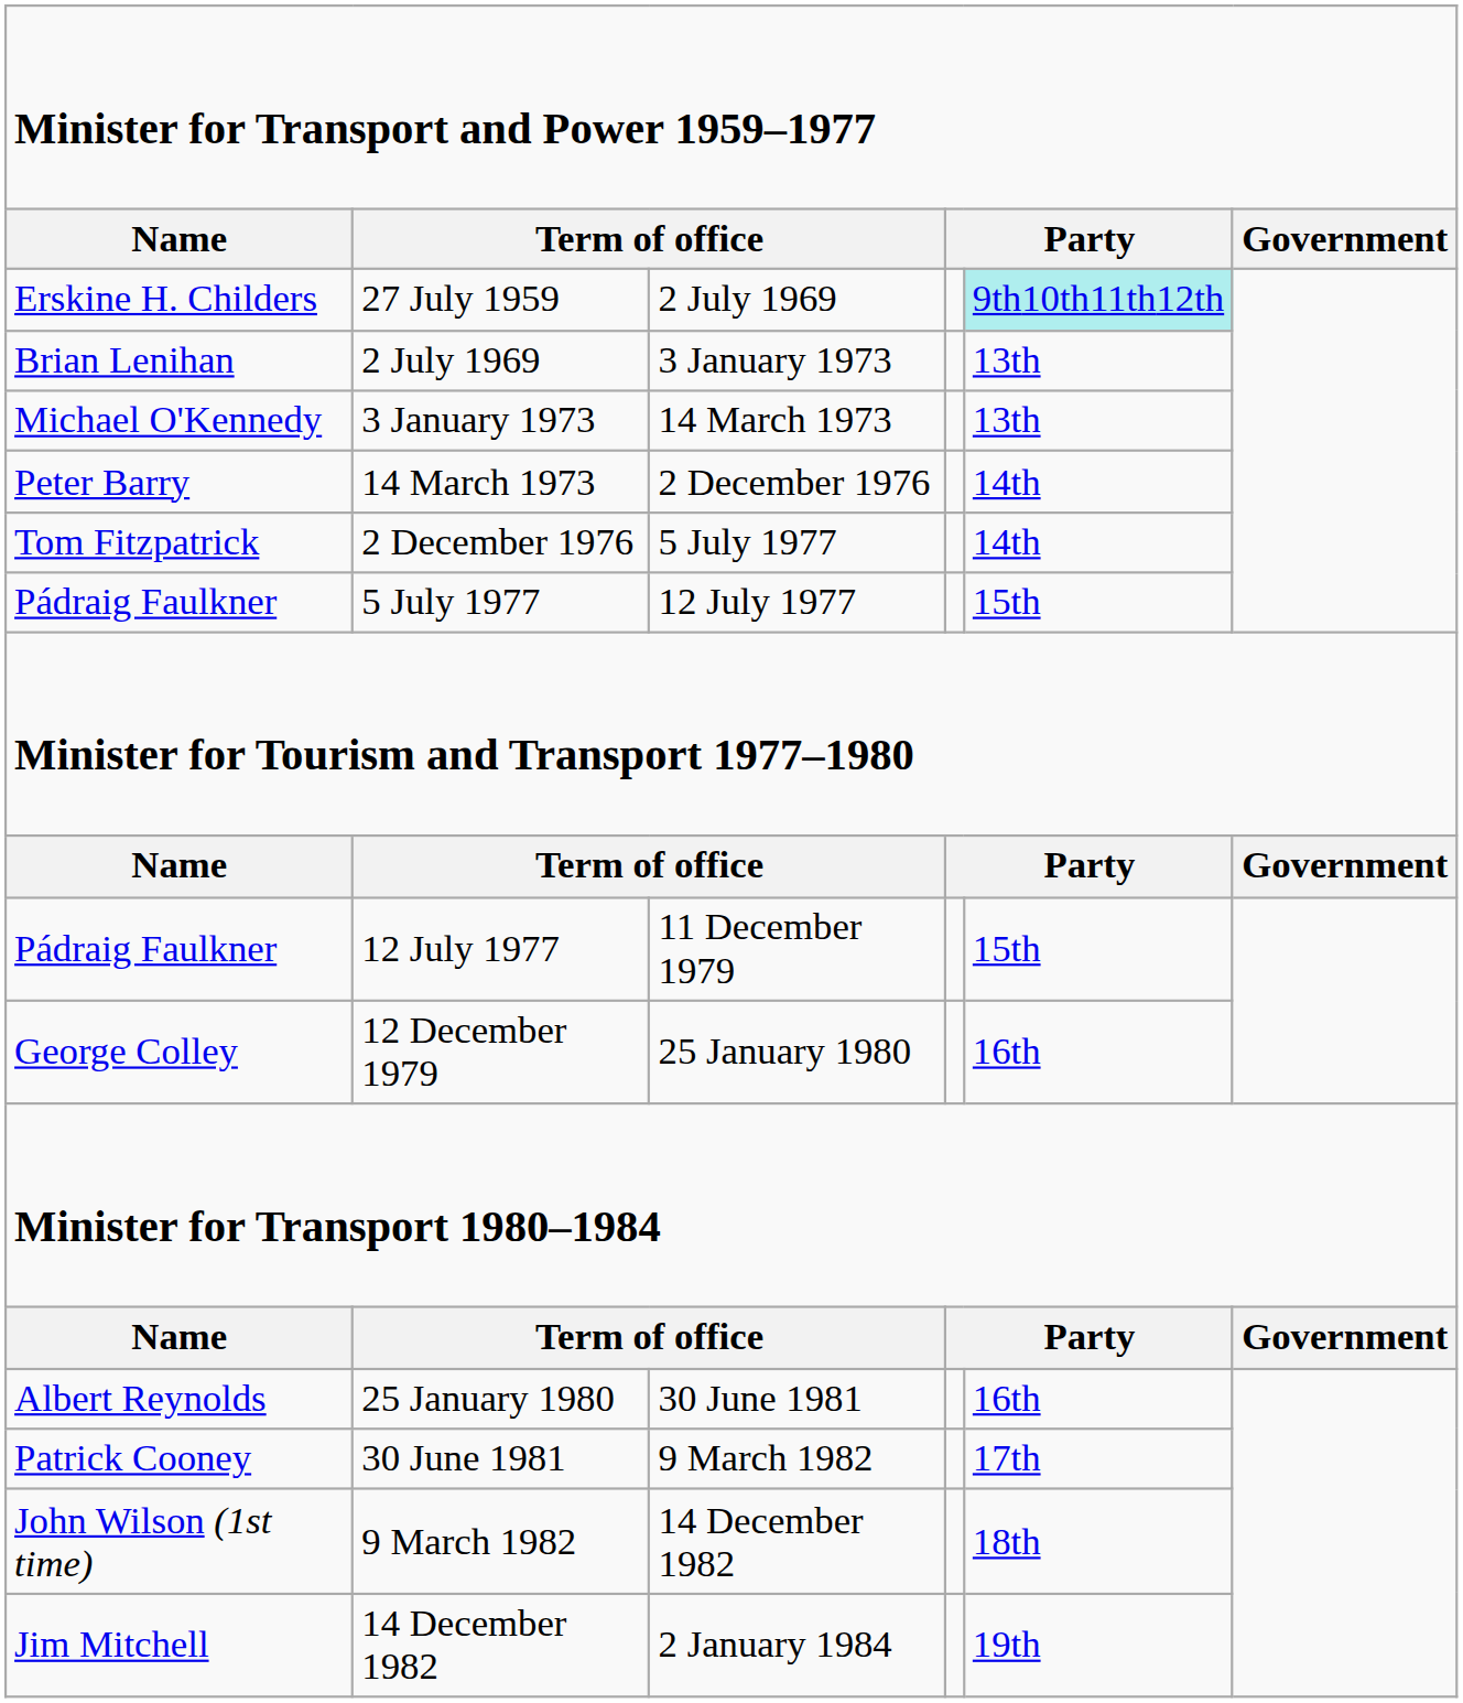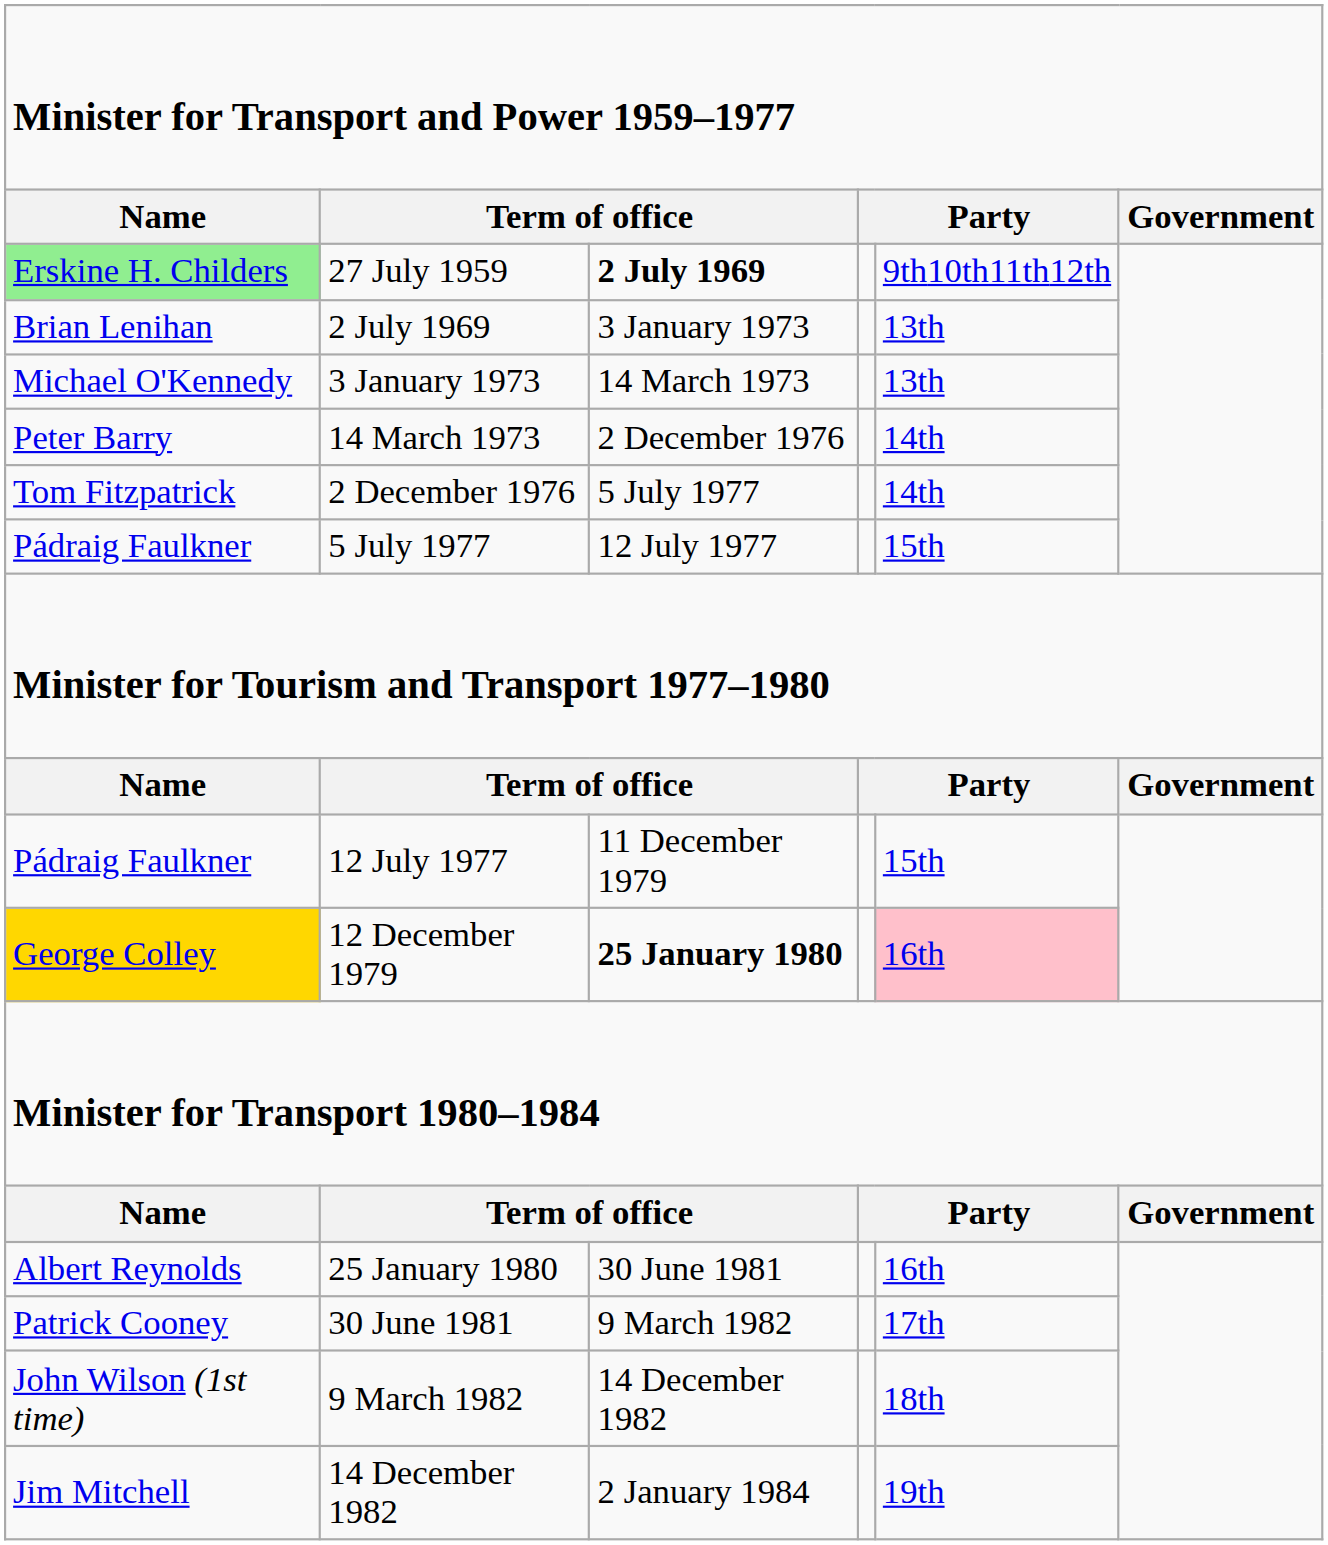 <table class="wikitable">
 <tr>
 <td colspan="7"><br><h3>Minister for Transport and Power 1959–1977</h3></td>
 </tr>
 <tr>
 <th>Name</th>
 <th colspan="2">Term of office</th>
 <th colspan="2">Party</th>
 <th>Government</th>
 </tr>
 <tr>
-<td><a href='#'>Erskine H. Childers</a></td>
+<td style="background: lightgreen;"><a href='#'>Erskine H. Childers</a></td>
 <td>27 July 1959</td>
-<td>2 July 1969</td>
+<td><strong>2 July 1969</strong></td>
 <td></td>
-<td style="background: paleturquoise;"><a href='#'>9th</a><a href='#'>10th</a><a href='#'>11th</a><a href='#'>12th</a></td>
+<td><a href='#'>9th</a><a href='#'>10th</a><a href='#'>11th</a><a href='#'>12th</a></td>
 </tr>
 <tr>
 <td><a href='#'>Brian Lenihan</a></td>
 <td>2 July 1969</td>
 <td>3 January 1973</td>
 <td></td>
 <td><a href='#'>13th</a></td>
 </tr>
 <tr>
 <td><a href='#'>Michael O'Kennedy</a></td>
 <td>3 January 1973</td>
 <td>14 March 1973</td>
 <td></td>
 <td><a href='#'>13th</a></td>
 </tr>
 <tr>
 <td><a href='#'>Peter Barry</a></td>
 <td>14 March 1973</td>
 <td>2 December 1976</td>
 <td></td>
 <td><a href='#'>14th</a></td>
 </tr>
 <tr>
 <td><a href='#'>Tom Fitzpatrick</a></td>
 <td>2 December 1976</td>
 <td>5 July 1977</td>
 <td></td>
 <td><a href='#'>14th</a></td>
 </tr>
 <tr>
 <td><a href='#'>Pádraig Faulkner</a></td>
 <td>5 July 1977</td>
 <td>12 July 1977</td>
 <td></td>
 <td><a href='#'>15th</a></td>
 </tr>
 <tr>
 <td colspan="7"><br><h3>Minister for Tourism and Transport 1977–1980</h3></td>
 </tr>
 <tr>
 <th>Name</th>
 <th colspan="2">Term of office</th>
 <th colspan="2">Party</th>
 <th>Government</th>
 </tr>
 <tr>
 <td><a href='#'>Pádraig Faulkner</a></td>
 <td>12 July 1977</td>
 <td>11 December 1979</td>
 <td></td>
 <td><a href='#'>15th</a></td>
 </tr>
 <tr>
-<td><a href='#'>George Colley</a></td>
+<td style="background: gold;"><a href='#'>George Colley</a></td>
 <td>12 December 1979</td>
-<td>25 January 1980</td>
+<td><strong>25 January 1980</strong></td>
 <td></td>
-<td><a href='#'>16th</a></td>
+<td style="background: pink;"><a href='#'>16th</a></td>
 </tr>
 <tr>
 <td colspan="7"><br><h3>Minister for Transport 1980–1984</h3></td>
 </tr>
 <tr>
 <th>Name</th>
 <th colspan="2">Term of office</th>
 <th colspan="2">Party</th>
 <th>Government</th>
 </tr>
 <tr>
 <td><a href='#'>Albert Reynolds</a></td>
 <td>25 January 1980</td>
 <td>30 June 1981</td>
 <td></td>
 <td><a href='#'>16th</a></td>
 </tr>
 <tr>
 <td><a href='#'>Patrick Cooney</a></td>
 <td>30 June 1981</td>
 <td>9 March 1982</td>
 <td></td>
 <td><a href='#'>17th</a></td>
 </tr>
 <tr>
 <td><a href='#'>John Wilson</a> <em>(1st time)</em></td>
 <td>9 March 1982</td>
 <td>14 December 1982</td>
 <td></td>
 <td><a href='#'>18th</a></td>
 </tr>
 <tr>
 <td><a href='#'>Jim Mitchell</a></td>
 <td>14 December 1982</td>
 <td>2 January 1984</td>
 <td></td>
 <td><a href='#'>19th</a></td>
 </tr>
 </table>
